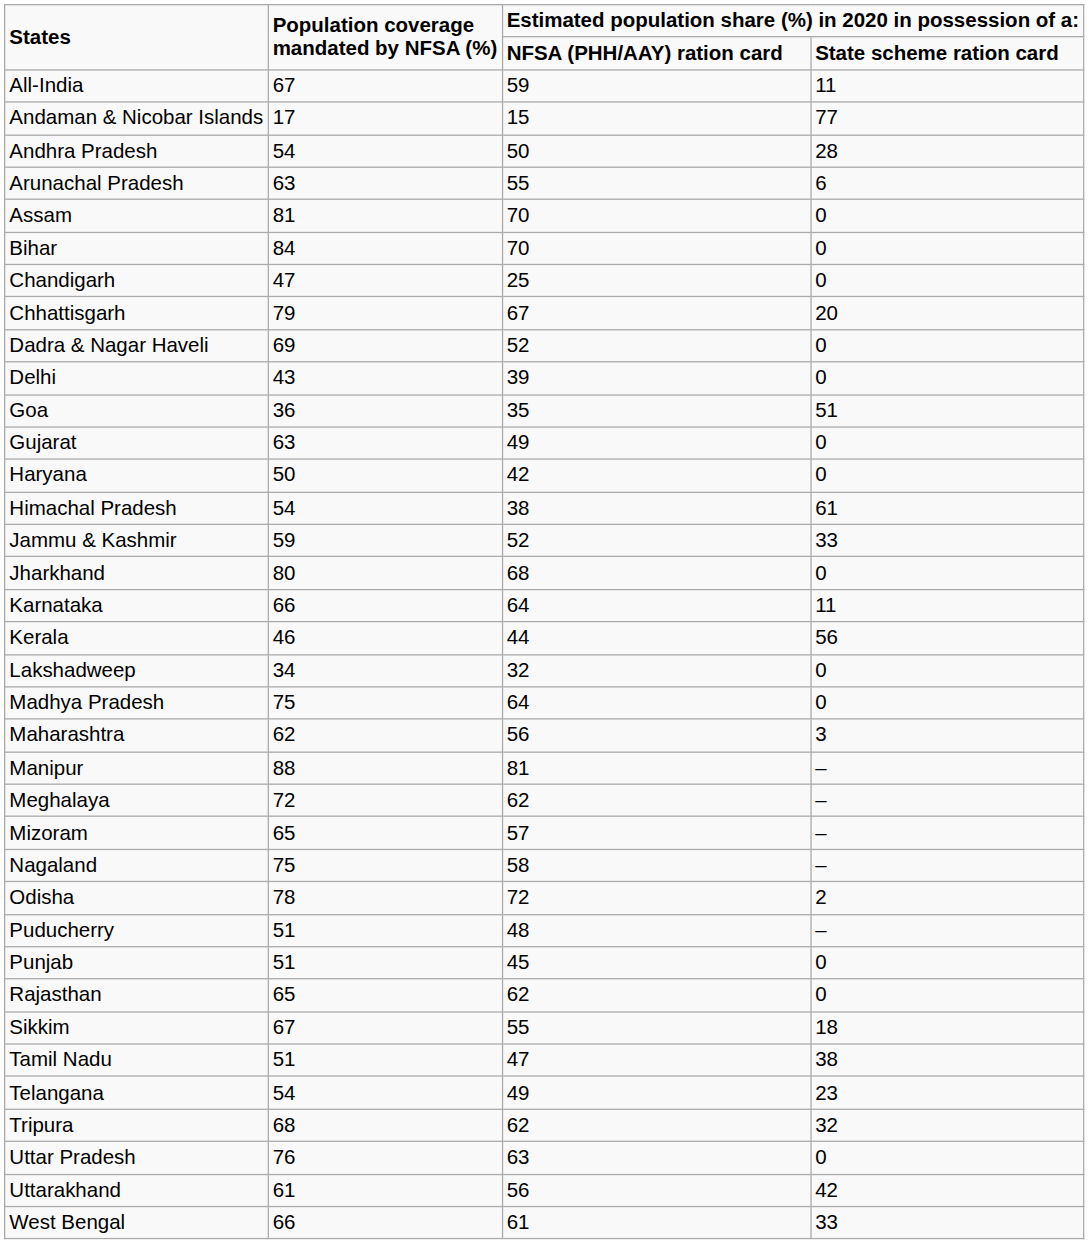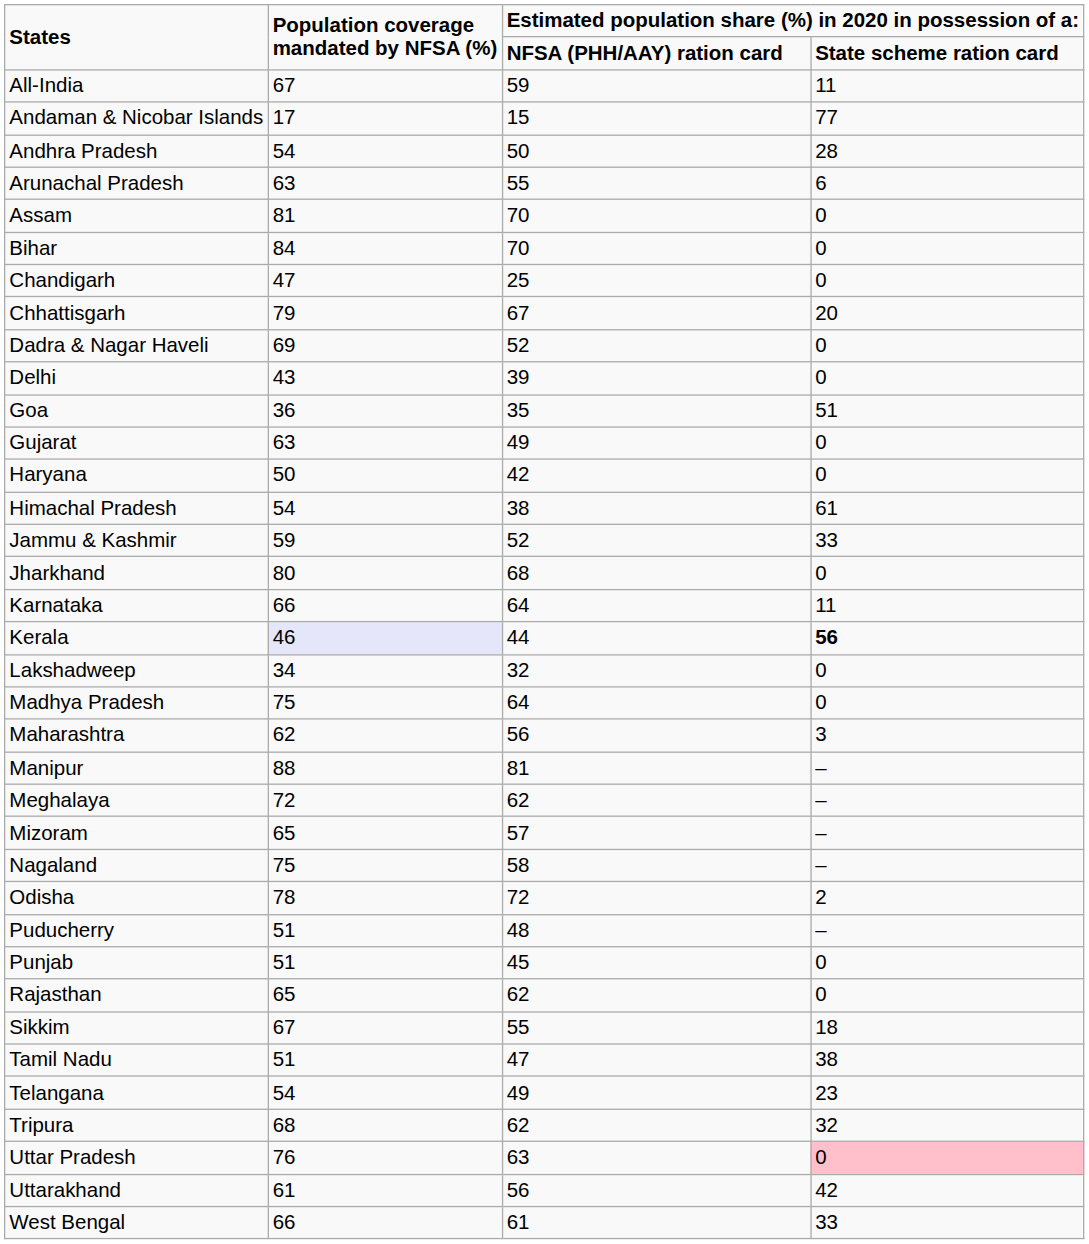 <table class="wikitable">
 <tr>
 <td rowspan="2"><strong>States</strong></td>
 <td rowspan="2"><strong>Population coverage</strong><br><strong>mandated by NFSA (%)</strong></td>
 <td colspan="2"><strong>Estimated population share (%) in 2020 in possession of a:</strong></td>
 </tr>
 <tr>
 <td><strong>NFSA (PHH/AAY) ration card</strong> </td>
 <td><strong>State scheme ration card</strong> </td>
 </tr>
 <tr>
 <td>All-India</td>
 <td>67</td>
 <td>59</td>
 <td>11</td>
 </tr>
 <tr>
 <td>Andaman & Nicobar Islands</td>
 <td>17</td>
 <td>15</td>
 <td>77</td>
 </tr>
 <tr>
 <td>Andhra Pradesh</td>
 <td>54</td>
 <td>50</td>
 <td>28</td>
 </tr>
 <tr>
 <td>Arunachal Pradesh</td>
 <td>63</td>
 <td>55</td>
 <td>6</td>
 </tr>
 <tr>
 <td>Assam</td>
 <td>81</td>
 <td>70</td>
 <td>0</td>
 </tr>
 <tr>
 <td>Bihar</td>
 <td>84</td>
 <td>70</td>
 <td>0</td>
 </tr>
 <tr>
 <td>Chandigarh</td>
 <td>47</td>
 <td>25</td>
 <td>0</td>
 </tr>
 <tr>
 <td>Chhattisgarh</td>
 <td>79</td>
 <td>67</td>
 <td>20</td>
 </tr>
 <tr>
 <td>Dadra & Nagar Haveli</td>
 <td>69</td>
 <td>52</td>
 <td>0</td>
 </tr>
 <tr>
 <td>Delhi</td>
 <td>43</td>
 <td>39</td>
 <td>0</td>
 </tr>
 <tr>
 <td>Goa</td>
 <td>36</td>
 <td>35</td>
 <td>51</td>
 </tr>
 <tr>
 <td>Gujarat</td>
 <td>63</td>
 <td>49</td>
 <td>0</td>
 </tr>
 <tr>
 <td>Haryana</td>
 <td>50</td>
 <td>42</td>
 <td>0</td>
 </tr>
 <tr>
 <td>Himachal Pradesh</td>
 <td>54</td>
 <td>38</td>
 <td>61</td>
 </tr>
 <tr>
 <td>Jammu & Kashmir</td>
 <td>59</td>
 <td>52</td>
 <td>33</td>
 </tr>
 <tr>
 <td>Jharkhand</td>
 <td>80</td>
 <td>68</td>
 <td>0</td>
 </tr>
 <tr>
 <td>Karnataka</td>
 <td>66</td>
 <td>64</td>
 <td>11</td>
 </tr>
 <tr>
 <td>Kerala</td>
-<td>46</td>
+<td style="background: lavender;">46</td>
 <td>44</td>
-<td>56</td>
+<td><strong>56</strong></td>
 </tr>
 <tr>
 <td>Lakshadweep</td>
 <td>34</td>
 <td>32</td>
 <td>0</td>
 </tr>
 <tr>
 <td>Madhya Pradesh</td>
 <td>75</td>
 <td>64</td>
 <td>0</td>
 </tr>
 <tr>
 <td>Maharashtra</td>
 <td>62</td>
 <td>56</td>
 <td>3</td>
 </tr>
 <tr>
 <td>Manipur</td>
 <td>88</td>
 <td>81</td>
 <td>–</td>
 </tr>
 <tr>
 <td>Meghalaya</td>
 <td>72</td>
 <td>62</td>
 <td>–</td>
 </tr>
 <tr>
 <td>Mizoram</td>
 <td>65</td>
 <td>57</td>
 <td>–</td>
 </tr>
 <tr>
 <td>Nagaland</td>
 <td>75</td>
 <td>58</td>
 <td>–</td>
 </tr>
 <tr>
 <td>Odisha</td>
 <td>78</td>
 <td>72</td>
 <td>2</td>
 </tr>
 <tr>
 <td>Puducherry</td>
 <td>51</td>
 <td>48</td>
 <td>–</td>
 </tr>
 <tr>
 <td>Punjab</td>
 <td>51</td>
 <td>45</td>
 <td>0</td>
 </tr>
 <tr>
 <td>Rajasthan</td>
 <td>65</td>
 <td>62</td>
 <td>0</td>
 </tr>
 <tr>
 <td>Sikkim</td>
 <td>67</td>
 <td>55</td>
 <td>18</td>
 </tr>
 <tr>
 <td>Tamil Nadu</td>
 <td>51</td>
 <td>47</td>
 <td>38</td>
 </tr>
 <tr>
 <td>Telangana</td>
 <td>54</td>
 <td>49</td>
 <td>23</td>
 </tr>
 <tr>
 <td>Tripura</td>
 <td>68</td>
 <td>62</td>
 <td>32</td>
 </tr>
 <tr>
 <td>Uttar Pradesh</td>
 <td>76</td>
 <td>63</td>
-<td>0</td>
+<td style="background: pink;">0</td>
 </tr>
 <tr>
 <td>Uttarakhand</td>
 <td>61</td>
 <td>56</td>
 <td>42</td>
 </tr>
 <tr>
 <td>West Bengal</td>
 <td>66</td>
 <td>61</td>
 <td>33</td>
 </tr>
 </table>
